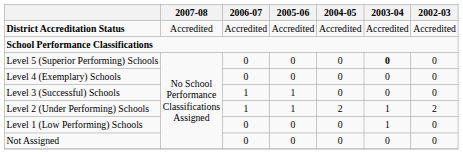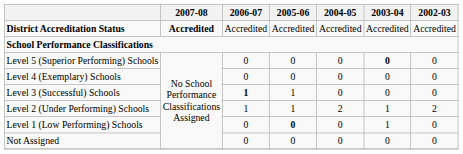 <table class="wikitable" style="font-size: 95%;">
 <tr>
 <th></th>
 <th>2007-08</th>
 <th>2006-07</th>
 <th>2005-06</th>
 <th>2004-05</th>
 <th>2003-04</th>
 <th>2002-03</th>
 </tr>
 <tr>
 <td align="left"><strong>District Accreditation Status</strong></td>
-<td align="center">Accredited</td>
+<td align="center"><strong>Accredited</strong></td>
 <td align="center">Accredited</td>
 <td align="center">Accredited</td>
 <td align="center">Accredited</td>
 <td align="center">Accredited</td>
 <td align="center">Accredited</td>
 </tr>
 <tr>
 <td align="left" colspan="7"><strong>School Performance Classifications</strong></td>
 </tr>
 <tr>
 <td align="left">Level 5 (Superior Performing) Schools</td>
 <td align="center" rowspan="6">No School<br> Performance<br> Classifications<br> Assigned</td>
 <td align="center">0</td>
 <td align="center">0</td>
 <td align="center">0</td>
 <td align="center"><strong>0</strong></td>
 <td align="center">0</td>
 </tr>
 <tr>
 <td align="left">Level 4 (Exemplary) Schools</td>
 <td align="center">0</td>
 <td align="center">0</td>
 <td align="center">0</td>
 <td align="center">0</td>
 <td align="center">0</td>
 </tr>
 <tr>
 <td align="left">Level 3 (Successful) Schools</td>
-<td align="center">1</td>
+<td align="center"><strong>1</strong></td>
 <td align="center">1</td>
 <td align="center">0</td>
 <td align="center">0</td>
 <td align="center">0</td>
 </tr>
 <tr>
 <td align="left">Level 2 (Under Performing) Schools</td>
 <td align="center">1</td>
 <td align="center">1</td>
 <td align="center">2</td>
 <td align="center">1</td>
 <td align="center">2</td>
 </tr>
 <tr>
 <td align="left">Level 1 (Low Performing) Schools</td>
 <td align="center">0</td>
-<td align="center">0</td>
+<td align="center"><strong>0</strong></td>
 <td align="center">0</td>
 <td align="center">1</td>
 <td align="center">0</td>
 </tr>
 <tr>
 <td align="left">Not Assigned</td>
 <td align="center">0</td>
 <td align="center">0</td>
 <td align="center">0</td>
 <td align="center">0</td>
 <td align="center">0</td>
 </tr>
 <tr>
 </tr>
 </table>
